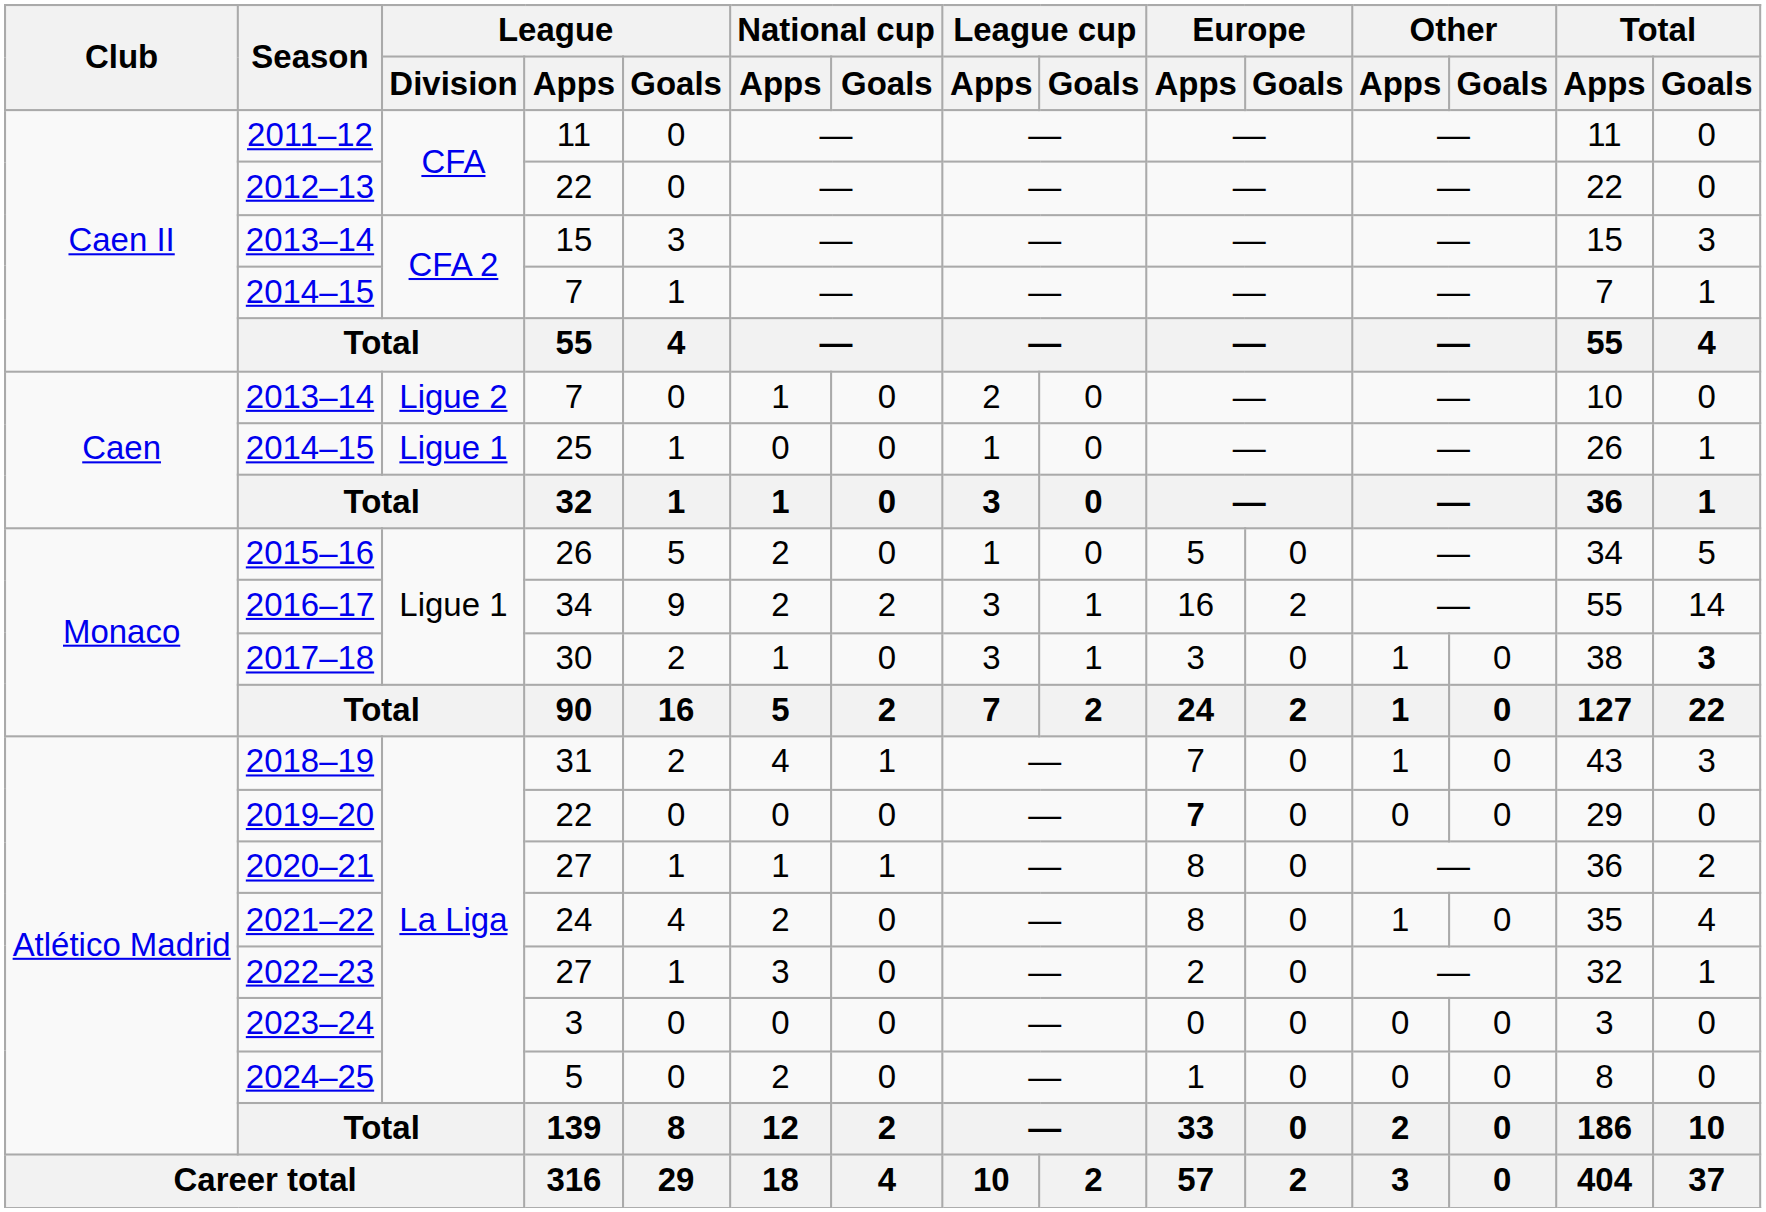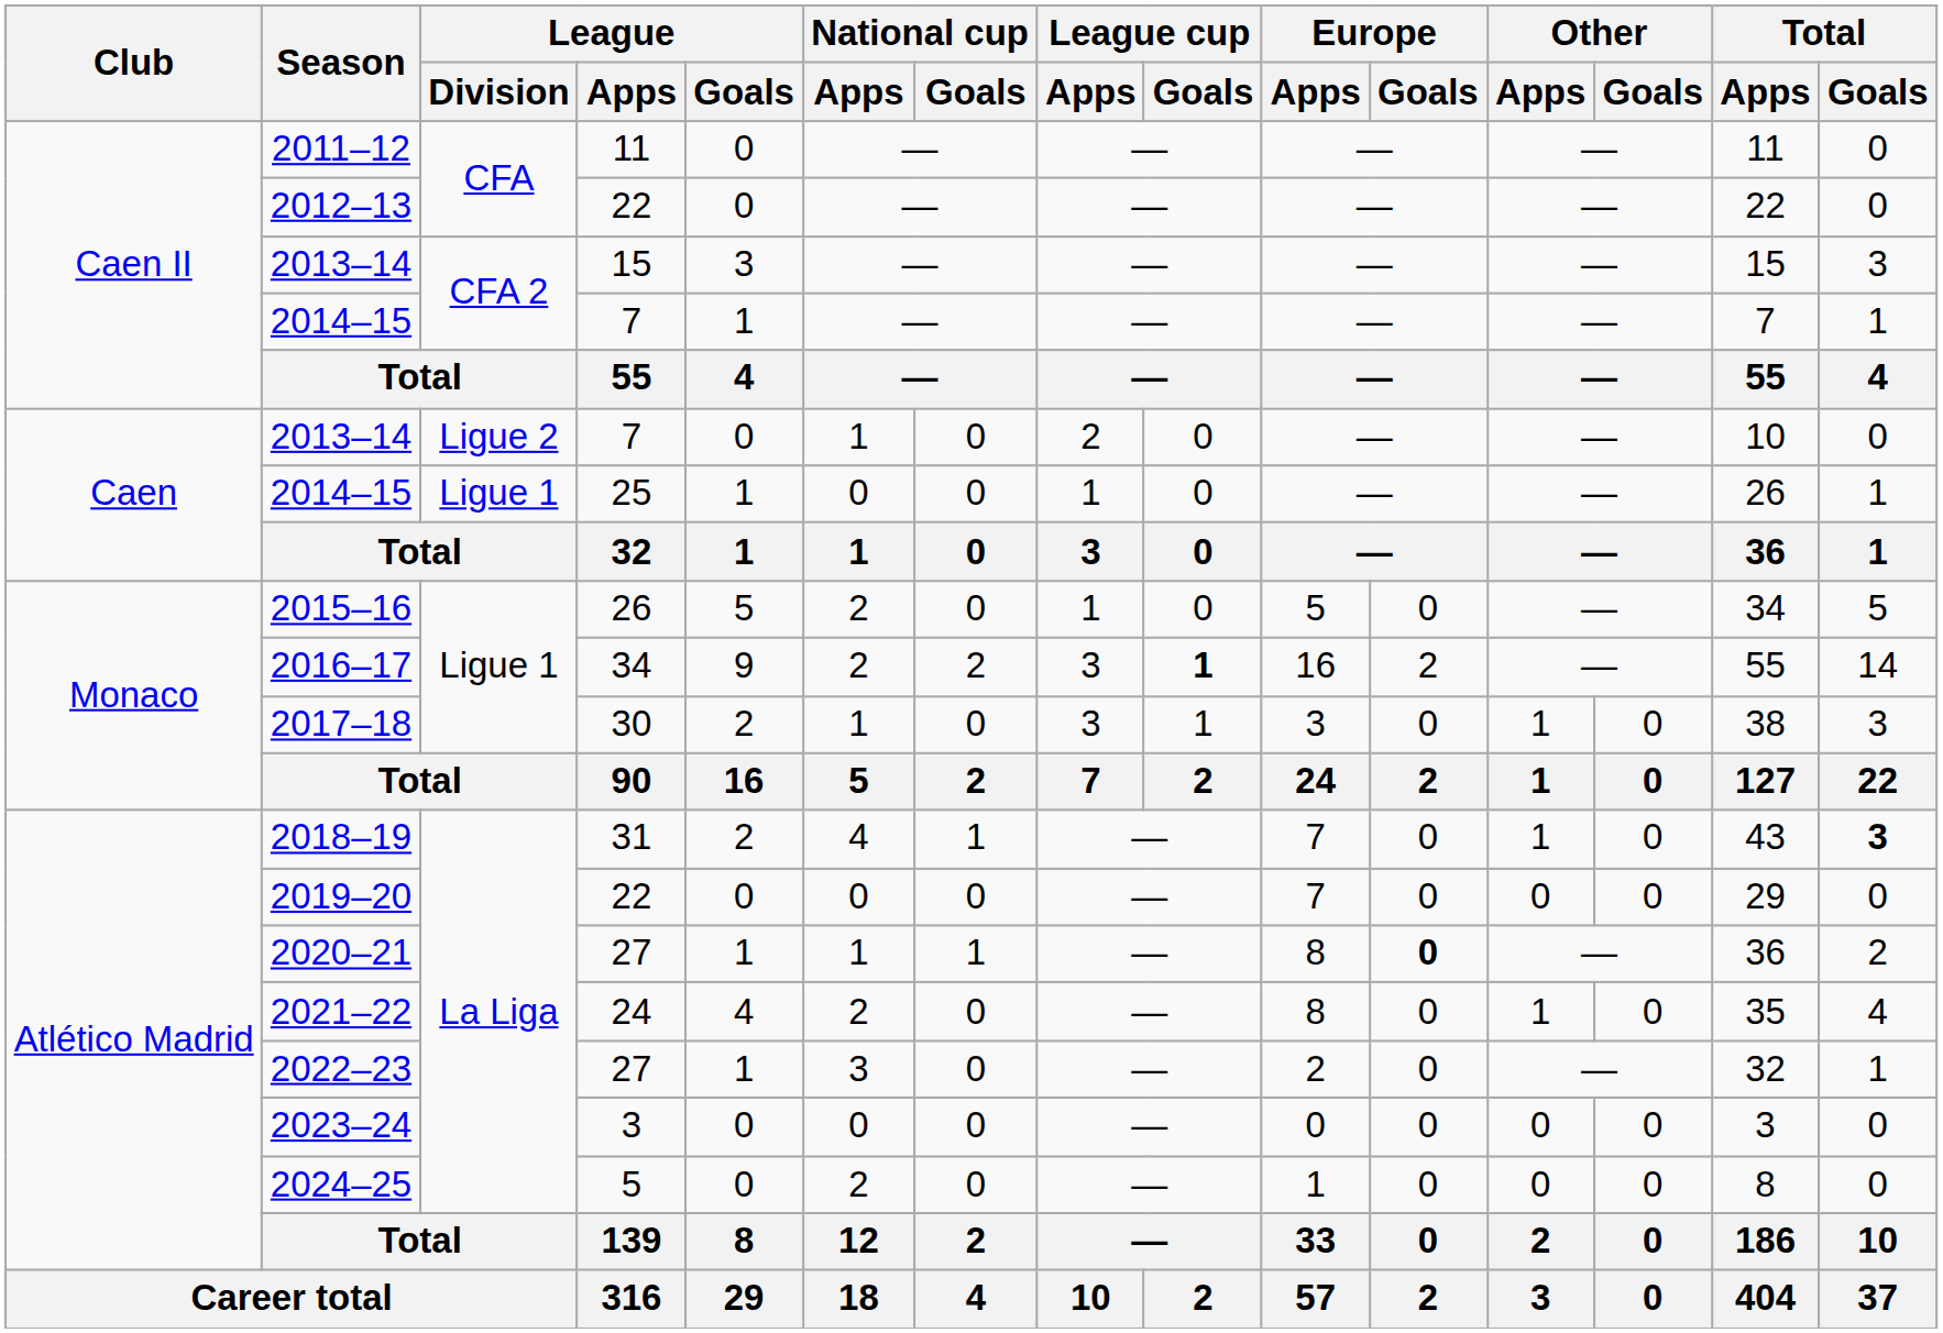 <table class=wikitable style=text-align:center>
 <tr>
 <th rowspan=2>Club</th>
 <th rowspan=2>Season</th>
 <th colspan=3>League</th>
 <th colspan=2>National cup</th>
 <th colspan=2>League cup</th>
 <th colspan=2>Europe</th>
 <th colspan=2>Other</th>
 <th colspan=2>Total</th>
 </tr>
 <tr>
 <th>Division</th>
 <th>Apps</th>
 <th>Goals</th>
 <th>Apps</th>
 <th>Goals</th>
 <th>Apps</th>
 <th>Goals</th>
 <th>Apps</th>
 <th>Goals</th>
 <th>Apps</th>
 <th>Goals</th>
 <th>Apps</th>
 <th>Goals</th>
 </tr>
 <tr>
 <td rowspan=5><a href='#'>Caen II</a></td>
 <td><a href='#'>2011–12</a></td>
 <td rowspan=2><a href='#'>CFA</a></td>
 <td>11</td>
 <td>0</td>
 <td colspan=2>—</td>
 <td colspan=2>—</td>
 <td colspan=2>—</td>
 <td colspan=2>—</td>
 <td>11</td>
 <td>0</td>
 </tr>
 <tr>
 <td><a href='#'>2012–13</a></td>
 <td>22</td>
 <td>0</td>
 <td colspan=2>—</td>
 <td colspan=2>—</td>
 <td colspan=2>—</td>
 <td colspan=2>—</td>
 <td>22</td>
 <td>0</td>
 </tr>
 <tr>
 <td><a href='#'>2013–14</a></td>
 <td rowspan=2><a href='#'>CFA 2</a></td>
 <td>15</td>
 <td>3</td>
 <td colspan=2>—</td>
 <td colspan=2>—</td>
 <td colspan=2>—</td>
 <td colspan=2>—</td>
 <td>15</td>
 <td>3</td>
 </tr>
 <tr>
 <td><a href='#'>2014–15</a></td>
 <td>7</td>
 <td>1</td>
 <td colspan=2>—</td>
 <td colspan=2>—</td>
 <td colspan=2>—</td>
 <td colspan=2>—</td>
 <td>7</td>
 <td>1</td>
 </tr>
 <tr>
 <th colspan=2>Total</th>
 <th>55</th>
 <th>4</th>
 <th colspan=2>—</th>
 <th colspan=2>—</th>
 <th colspan=2>—</th>
 <th colspan=2>—</th>
 <th>55</th>
 <th>4</th>
 </tr>
 <tr>
 <td rowspan=3><a href='#'>Caen</a></td>
 <td><a href='#'>2013–14</a></td>
 <td><a href='#'>Ligue 2</a></td>
 <td>7</td>
 <td>0</td>
 <td>1</td>
 <td>0</td>
 <td>2</td>
 <td>0</td>
 <td colspan=2>—</td>
 <td colspan=2>—</td>
 <td>10</td>
 <td>0</td>
 </tr>
 <tr>
 <td><a href='#'>2014–15</a></td>
 <td><a href='#'>Ligue 1</a></td>
 <td>25</td>
 <td>1</td>
 <td>0</td>
 <td>0</td>
 <td>1</td>
 <td>0</td>
 <td colspan=2>—</td>
 <td colspan=2>—</td>
 <td>26</td>
 <td>1</td>
 </tr>
 <tr>
 <th colspan=2>Total</th>
 <th>32</th>
 <th>1</th>
 <th>1</th>
 <th>0</th>
 <th>3</th>
 <th>0</th>
 <th colspan=2>—</th>
 <th colspan=2>—</th>
 <th>36</th>
 <th>1</th>
 </tr>
 <tr>
 <td rowspan=4><a href='#'>Monaco</a></td>
 <td><a href='#'>2015–16</a></td>
 <td rowspan=3>Ligue 1</td>
 <td>26</td>
 <td>5</td>
 <td>2</td>
 <td>0</td>
 <td>1</td>
 <td>0</td>
 <td>5</td>
 <td>0</td>
 <td colspan=2>—</td>
 <td>34</td>
 <td>5</td>
 </tr>
 <tr>
 <td><a href='#'>2016–17</a></td>
 <td>34</td>
 <td>9</td>
 <td>2</td>
 <td>2</td>
 <td>3</td>
-<td>1</td>
+<td><strong>1</strong></td>
 <td>16</td>
 <td>2</td>
 <td colspan=2>—</td>
 <td>55</td>
 <td>14</td>
 </tr>
 <tr>
 <td><a href='#'>2017–18</a></td>
 <td>30</td>
 <td>2</td>
 <td>1</td>
 <td>0</td>
 <td>3</td>
 <td>1</td>
 <td>3</td>
 <td>0</td>
 <td>1</td>
 <td>0</td>
 <td>38</td>
-<td><strong>3</strong></td>
+<td>3</td>
 </tr>
 <tr>
 <th colspan=2>Total</th>
 <th>90</th>
 <th>16</th>
 <th>5</th>
 <th>2</th>
 <th>7</th>
 <th>2</th>
 <th>24</th>
 <th>2</th>
 <th>1</th>
 <th>0</th>
 <th>127</th>
 <th>22</th>
 </tr>
 <tr>
 <td rowspan=8><a href='#'>Atlético Madrid</a></td>
 <td><a href='#'>2018–19</a></td>
 <td rowspan=7><a href='#'>La Liga</a></td>
 <td>31</td>
 <td>2</td>
 <td>4</td>
 <td>1</td>
 <td colspan=2>—</td>
 <td>7</td>
 <td>0</td>
 <td>1</td>
 <td>0</td>
 <td>43</td>
-<td>3</td>
+<td><strong>3</strong></td>
 </tr>
 <tr>
 <td><a href='#'>2019–20</a></td>
 <td>22</td>
 <td>0</td>
 <td>0</td>
 <td>0</td>
 <td colspan=2>—</td>
-<td><strong>7</strong></td>
+<td>7</td>
 <td>0</td>
 <td>0</td>
 <td>0</td>
 <td>29</td>
 <td>0</td>
 </tr>
 <tr>
 <td><a href='#'>2020–21</a></td>
 <td>27</td>
 <td>1</td>
 <td>1</td>
 <td>1</td>
 <td colspan=2>—</td>
 <td>8</td>
-<td>0</td>
+<td><strong>0</strong></td>
 <td colspan=2>—</td>
 <td>36</td>
 <td>2</td>
 </tr>
 <tr>
 <td><a href='#'>2021–22</a></td>
 <td>24</td>
 <td>4</td>
 <td>2</td>
 <td>0</td>
 <td colspan=2>—</td>
 <td>8</td>
 <td>0</td>
 <td>1</td>
 <td>0</td>
 <td>35</td>
 <td>4</td>
 </tr>
 <tr>
 <td><a href='#'>2022–23</a></td>
 <td>27</td>
 <td>1</td>
 <td>3</td>
 <td>0</td>
 <td colspan=2>—</td>
 <td>2</td>
 <td>0</td>
 <td colspan=2>—</td>
 <td>32</td>
 <td>1</td>
 </tr>
 <tr>
 <td><a href='#'>2023–24</a></td>
 <td>3</td>
 <td>0</td>
 <td>0</td>
 <td>0</td>
 <td colspan=2>—</td>
 <td>0</td>
 <td>0</td>
 <td>0</td>
 <td>0</td>
 <td>3</td>
 <td>0</td>
 </tr>
 <tr>
 <td><a href='#'>2024–25</a></td>
 <td>5</td>
 <td>0</td>
 <td>2</td>
 <td>0</td>
 <td colspan=2>—</td>
 <td>1</td>
 <td>0</td>
 <td>0</td>
 <td>0</td>
 <td>8</td>
 <td>0</td>
 </tr>
 <tr>
 <th colspan=2>Total</th>
 <th>139</th>
 <th>8</th>
 <th>12</th>
 <th>2</th>
 <th colspan=2>—</th>
 <th>33</th>
 <th>0</th>
 <th>2</th>
 <th>0</th>
 <th>186</th>
 <th>10</th>
 </tr>
 <tr>
 <th colspan=3>Career total</th>
 <th>316</th>
 <th>29</th>
 <th>18</th>
 <th>4</th>
 <th>10</th>
 <th>2</th>
 <th>57</th>
 <th>2</th>
 <th>3</th>
 <th>0</th>
 <th>404</th>
 <th>37</th>
 </tr>
 </table>
